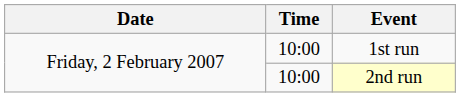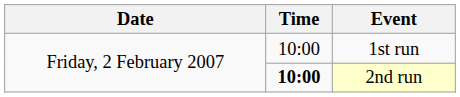 <table class = "wikitable" style="text-align:center;">
 <tr>
 <th width=220>Date</th>
 <th width=50>Time</th>
 <th width=100>Event</th>
 </tr>
 <tr>
 <td rowspan=2>Friday, 2 February 2007</td>
 <td>10:00</td>
 <td>1st run</td>
 </tr>
 <tr>
-<td>10:00</td>
+<td><strong>10:00</strong></td>
 <td bgcolor=ffffcc>2nd run</td>
 </tr>
 </table>
